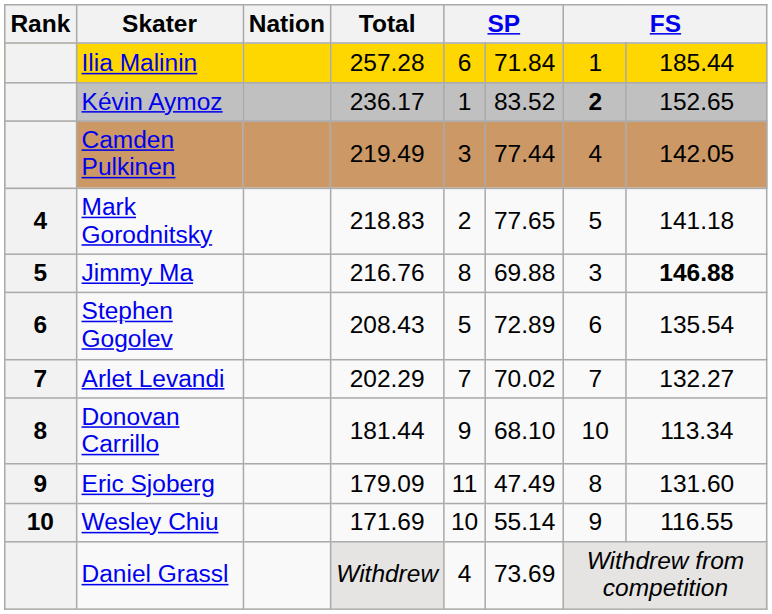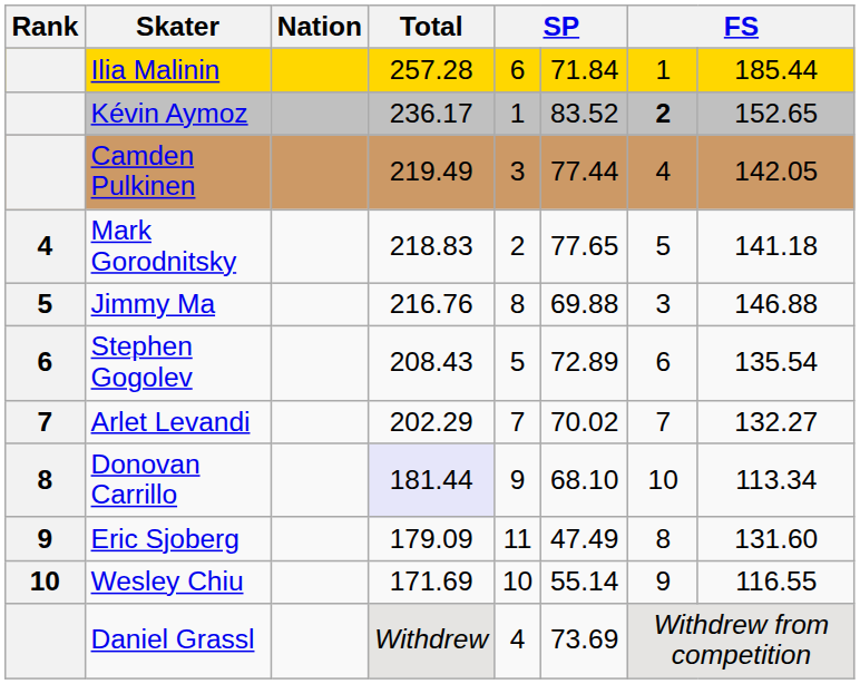 <table class="wikitable sortable" style="text-align:center;" width="80%">
 <tr>
 <th scope="col">Rank</th>
 <th scope="col">Skater</th>
 <th scope="col">Nation</th>
 <th scope="col">Total</th>
 <th scope="col" colspan="2" width="80px"><a href='#'>SP</a></th>
 <th scope="col" colspan="2" width="80px"><a href='#'>FS</a></th>
 </tr>
 <tr bgcolor="gold">
 <th scope="row"></th>
 <td align="left"><a href='#'>Ilia Malinin</a></td>
 <td align="left"></td>
 <td>257.28</td>
 <td>6</td>
 <td>71.84</td>
 <td>1</td>
 <td>185.44</td>
 </tr>
 <tr bgcolor="silver">
 <th scope="row"></th>
 <td align="left"><a href='#'>Kévin Aymoz</a></td>
 <td align="left"></td>
 <td>236.17</td>
 <td>1</td>
 <td>83.52</td>
 <td><strong>2</strong></td>
 <td>152.65</td>
 </tr>
 <tr bgcolor="cc9966">
 <th scope="row"></th>
 <td align="left"><a href='#'>Camden Pulkinen</a></td>
 <td align="left"></td>
 <td>219.49</td>
 <td>3</td>
 <td>77.44</td>
 <td>4</td>
 <td>142.05</td>
 </tr>
 <tr>
 <th scope="row">4</th>
 <td align="left"><a href='#'>Mark Gorodnitsky</a></td>
 <td align="left"></td>
 <td>218.83</td>
 <td>2</td>
 <td>77.65</td>
 <td>5</td>
 <td>141.18</td>
 </tr>
 <tr>
 <th scope="row">5</th>
 <td align="left"><a href='#'>Jimmy Ma</a></td>
 <td align="left"></td>
 <td>216.76</td>
 <td>8</td>
 <td>69.88</td>
 <td>3</td>
-<td><strong>146.88</strong></td>
+<td>146.88</td>
 </tr>
 <tr>
 <th scope="row">6</th>
 <td align="left"><a href='#'>Stephen Gogolev</a></td>
 <td align="left"></td>
 <td>208.43</td>
 <td>5</td>
 <td>72.89</td>
 <td>6</td>
 <td>135.54</td>
 </tr>
 <tr>
 <th scope="row">7</th>
 <td align="left"><a href='#'>Arlet Levandi</a></td>
 <td align="left"></td>
 <td>202.29</td>
 <td>7</td>
 <td>70.02</td>
 <td>7</td>
 <td>132.27</td>
 </tr>
 <tr>
 <th scope="row">8</th>
 <td align="left"><a href='#'>Donovan Carrillo</a></td>
 <td align="left"></td>
-<td>181.44</td>
+<td style="background: lavender;">181.44</td>
 <td>9</td>
 <td>68.10</td>
 <td>10</td>
 <td>113.34</td>
 </tr>
 <tr>
 <th scope="row">9</th>
 <td align="left"><a href='#'>Eric Sjoberg</a></td>
 <td align="left"></td>
 <td>179.09</td>
 <td>11</td>
 <td>47.49</td>
 <td>8</td>
 <td>131.60</td>
 </tr>
 <tr>
 <th scope="row">10</th>
 <td align="left"><a href='#'>Wesley Chiu</a></td>
 <td align="left"></td>
 <td>171.69</td>
 <td>10</td>
 <td>55.14</td>
 <td>9</td>
 <td>116.55</td>
 </tr>
 <tr>
 <th scope="row"></th>
 <td align="left"><a href='#'>Daniel Grassl</a></td>
 <td align="left"></td>
 <td bgcolor="e5e4e2" align="center"><em>Withdrew</em></td>
 <td>4</td>
 <td>73.69</td>
 <td colspan=2 bgcolor="e5e4e2" align="center"><em>Withdrew from competition</em></td>
 </tr>
 </table>
